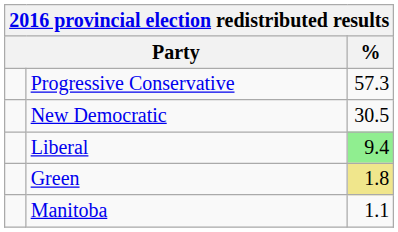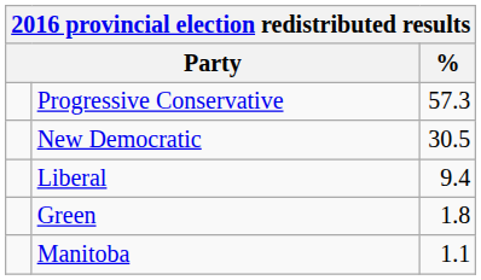 <table class="wikitable">
 <tr>
 <th colspan="4"><a href='#'>2016 provincial election</a> redistributed results</th>
 </tr>
 <tr>
 <th bgcolor="#DDDDFF" width="130px" colspan="2">Party</th>
 <th bgcolor="#DDDDFF" width="30px">%</th>
 </tr>
 <tr>
 <td> </td>
 <td><a href='#'>Progressive Conservative</a></td>
 <td align=right>57.3</td>
 </tr>
 <tr>
 <td> </td>
 <td><a href='#'>New Democratic</a></td>
 <td align=right>30.5</td>
 </tr>
 <tr>
 <td> </td>
 <td><a href='#'>Liberal</a></td>
-<td align=right style="background: lightgreen;">9.4</td>
+<td align=right>9.4</td>
 </tr>
 <tr>
 <td> </td>
 <td><a href='#'>Green</a></td>
-<td align=right style="background: khaki;">1.8</td>
+<td align=right>1.8</td>
 </tr>
 <tr>
 <td> </td>
 <td><a href='#'>Manitoba</a></td>
 <td align=right>1.1</td>
 </tr>
 </table>
